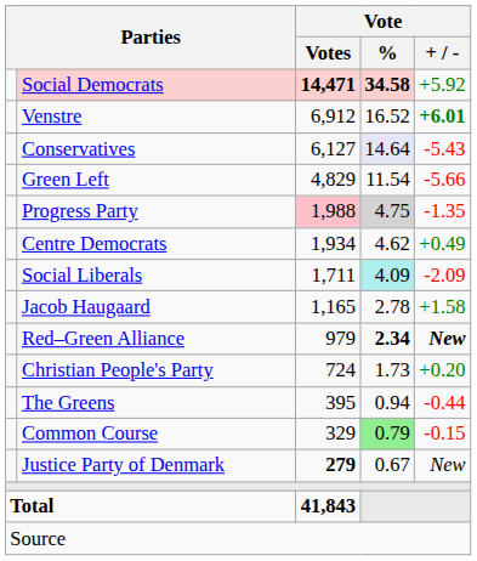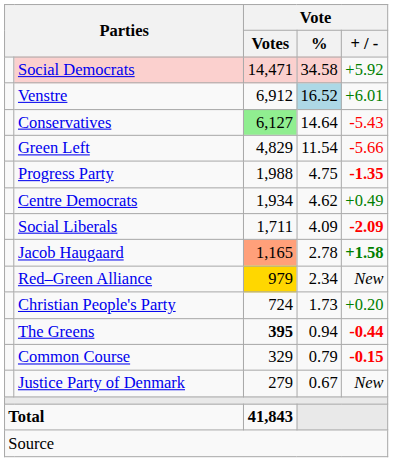 <table class="wikitable" style="text-align:right;">
 <tr>
 <th style="text-align:centre;" rowspan="2" colspan="2" width="225">Parties</th>
 <th colspan="3">Vote</th>
 </tr>
 <tr>
 <th width="15">Votes</th>
 <th width="15">%</th>
 <th width="15">+ / -</th>
 </tr>
 <tr>
 <td width="2" style="color:inherit;background:"></td>
 <td bgcolor=#fbd0ce  align="left"><a href='#'>Social Democrats</a></td>
-<td bgcolor=#fbd0ce><strong>14,471</strong></td>
-<td bgcolor=#fbd0ce><strong>34.58</strong></td>
+<td bgcolor=#fbd0ce>14,471</td>
+<td bgcolor=#fbd0ce>34.58</td>
 <td style=color:green;>+5.92</td>
 </tr>
 <tr>
 <td width="2" style="color:inherit;background:"></td>
 <td align="left"><a href='#'>Venstre</a></td>
 <td>6,912</td>
-<td>16.52</td>
-<td style=color:green;><strong>+6.01</strong></td>
+<td style="background: lightblue;">16.52</td>
+<td style=color:green;>+6.01</td>
 </tr>
 <tr>
 <td width="2" style="color:inherit;background:"></td>
 <td align="left"><a href='#'>Conservatives</a></td>
-<td>6,127</td>
-<td style="background: lavender;">14.64</td>
+<td style="background: lightgreen;">6,127</td>
+<td>14.64</td>
 <td style=color:red;>-5.43</td>
 </tr>
 <tr>
 <td width="2" style="color:inherit;background:"></td>
 <td align="left"><a href='#'>Green Left</a></td>
 <td>4,829</td>
 <td>11.54</td>
 <td style=color:red;>-5.66</td>
 </tr>
 <tr>
 <td width="2" style="color:inherit;background:"></td>
 <td align="left"><a href='#'>Progress Party</a></td>
-<td style="background: pink;">1,988</td>
-<td style="background: lightgrey;">4.75</td>
-<td style=color:red;>-1.35</td>
+<td>1,988</td>
+<td>4.75</td>
+<td style=color:red;><strong>-1.35</strong></td>
 </tr>
 <tr>
 <td width="2" style="color:inherit;background:"></td>
 <td align="left"><a href='#'>Centre Democrats</a></td>
 <td>1,934</td>
 <td>4.62</td>
 <td style=color:green;>+0.49</td>
 </tr>
 <tr>
 <td width="2" style="color:inherit;background:"></td>
 <td align="left"><a href='#'>Social Liberals</a></td>
 <td>1,711</td>
-<td style="background: paleturquoise;">4.09</td>
-<td style=color:red;>-2.09</td>
+<td>4.09</td>
+<td style=color:red;><strong>-2.09</strong></td>
 </tr>
 <tr>
 <td width="2" style="color:inherit;background:"></td>
 <td align="left"><a href='#'>Jacob Haugaard</a></td>
-<td>1,165</td>
+<td style="background: lightsalmon;">1,165</td>
 <td>2.78</td>
-<td style=color:green;>+1.58</td>
+<td style=color:green;><strong>+1.58</strong></td>
 </tr>
 <tr>
 <td width="2" style="color:inherit;background:"></td>
 <td align="left"><a href='#'>Red–Green Alliance</a></td>
-<td>979</td>
-<td><strong>2.34</strong></td>
-<td><strong><em>New</em></strong></td>
+<td style="background: gold;">979</td>
+<td>2.34</td>
+<td><em>New</em></td>
 </tr>
 <tr>
 <td width="2" style="color:inherit;background:"></td>
 <td align="left"><a href='#'>Christian People's Party</a></td>
 <td>724</td>
 <td>1.73</td>
 <td style=color:green;>+0.20</td>
 </tr>
 <tr>
 <td width="2" style="color:inherit;background:"></td>
 <td align="left"><a href='#'>The Greens</a></td>
-<td>395</td>
+<td><strong>395</strong></td>
 <td>0.94</td>
-<td style=color:red;>-0.44</td>
+<td style=color:red;><strong>-0.44</strong></td>
 </tr>
 <tr>
 <td width="2" style="color:inherit;background:"></td>
 <td align="left"><a href='#'>Common Course</a></td>
 <td>329</td>
-<td style="background: lightgreen;">0.79</td>
-<td style=color:red;>-0.15</td>
+<td>0.79</td>
+<td style=color:red;><strong>-0.15</strong></td>
 </tr>
 <tr>
 <td width="2" style="color:inherit;background:"></td>
 <td align="left"><a href='#'>Justice Party of Denmark</a></td>
-<td><strong>279</strong></td>
+<td>279</td>
 <td>0.67</td>
 <td><em>New</em></td>
 </tr>
 <tr>
 <td colspan="7" bgcolor="#E9E9E9"></td>
 </tr>
 <tr>
 <td align="left" colspan="2"><strong>Total</strong></td>
 <td><strong>41,843</strong></td>
 <td bgcolor="#E9E9E9" colspan="2"></td>
 </tr>
 <tr>
 <td align="left" colspan="6">Source</td>
 </tr>
 </table>
